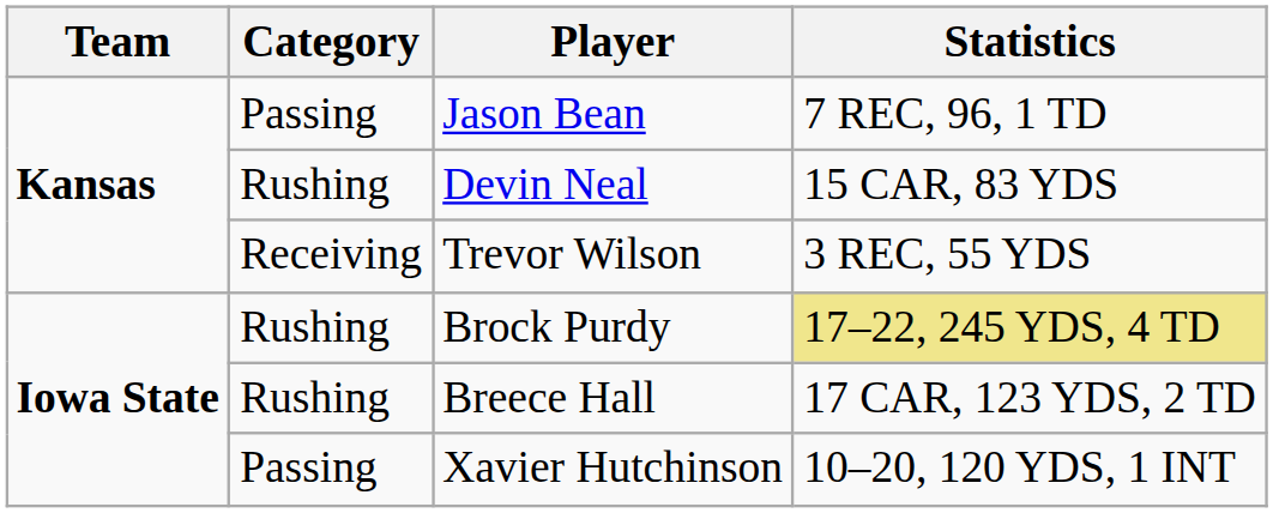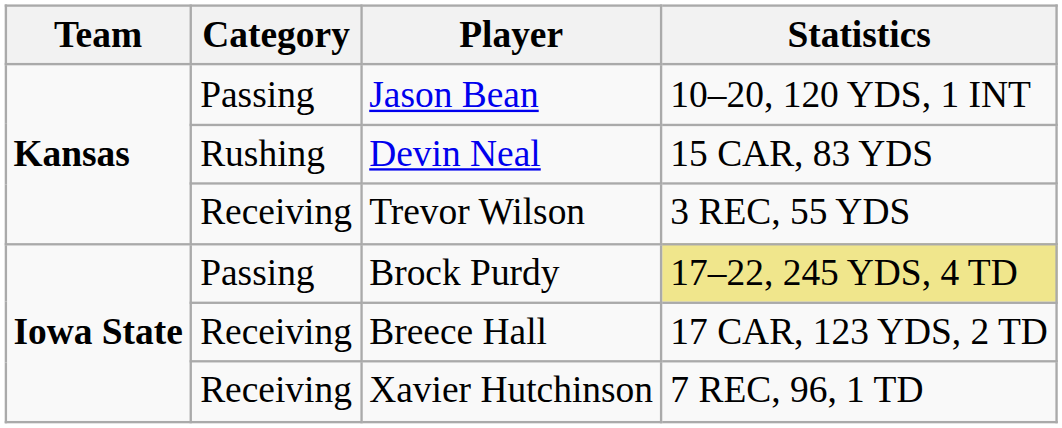 <table class="wikitable" style="float: right;">
 <tr>
 <th>Team</th>
 <th>Category</th>
 <th>Player</th>
 <th>Statistics</th>
 </tr>
 <tr>
 <td rowspan=3><strong>Kansas</strong></td>
 <td>Passing</td>
 <td><a href='#'>Jason Bean</a></td>
-<td>7 REC, 96, 1 TD</td>
+<td>10–20, 120 YDS, 1 INT</td>
 </tr>
 <tr>
 <td>Rushing</td>
 <td><a href='#'>Devin Neal</a></td>
 <td>15 CAR, 83 YDS</td>
 </tr>
 <tr>
 <td>Receiving</td>
 <td>Trevor Wilson</td>
 <td>3 REC, 55 YDS</td>
 </tr>
 <tr>
 <td rowspan=3><strong>Iowa State</strong></td>
-<td>Rushing</td>
+<td>Passing</td>
 <td>Brock Purdy</td>
 <td style="background: khaki;">17–22, 245 YDS, 4 TD</td>
 </tr>
 <tr>
-<td>Rushing</td>
+<td>Receiving</td>
 <td>Breece Hall</td>
 <td>17 CAR, 123 YDS, 2 TD</td>
 </tr>
 <tr>
-<td>Passing</td>
+<td>Receiving</td>
 <td>Xavier Hutchinson</td>
-<td>10–20, 120 YDS, 1 INT</td>
+<td>7 REC, 96, 1 TD</td>
 </tr>
 </table>
